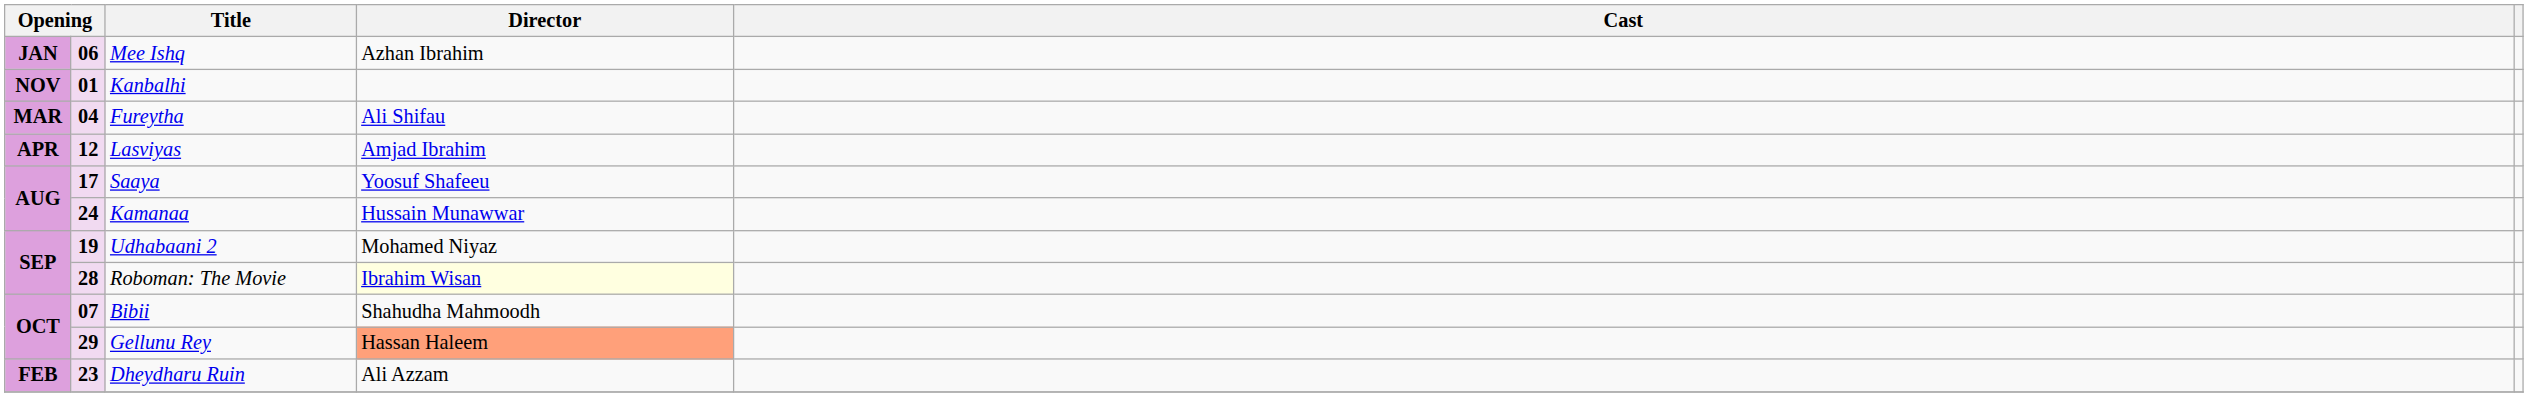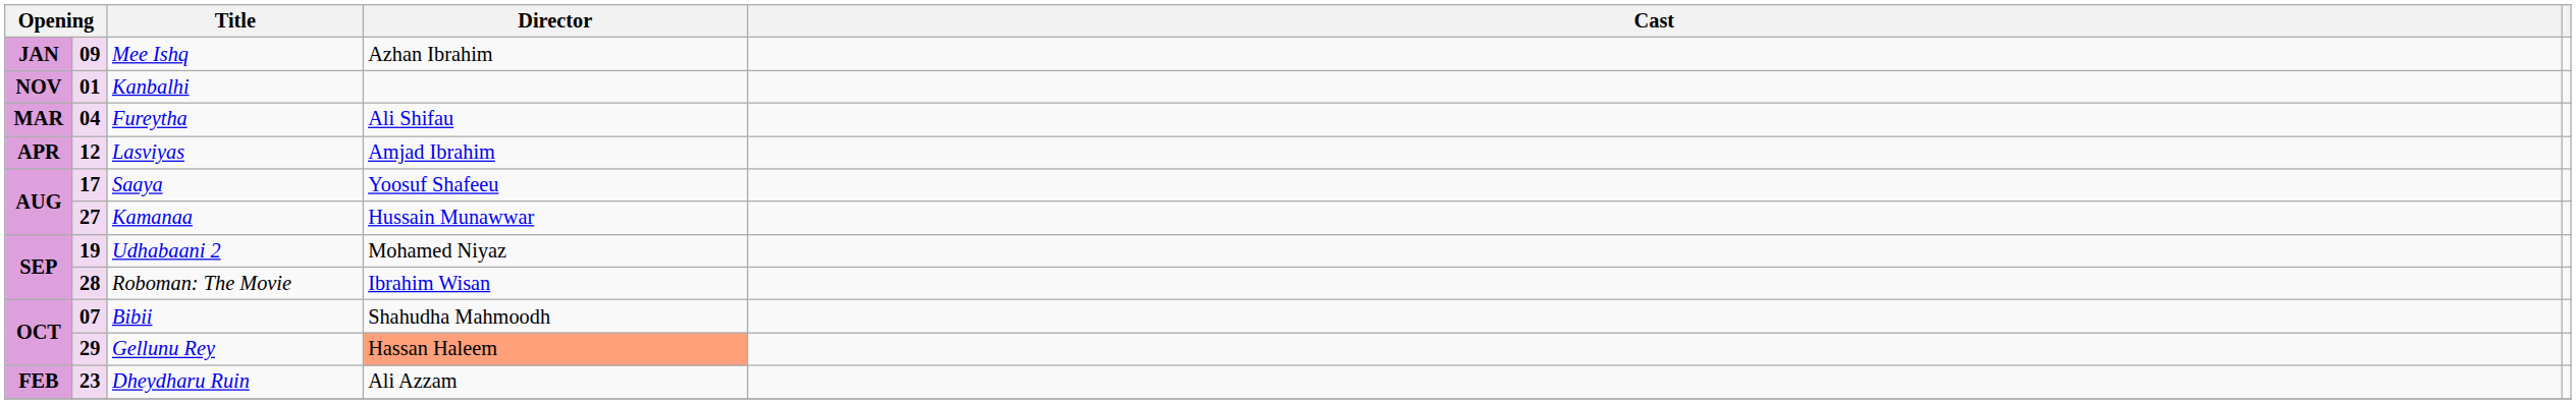 <table class="wikitable plainrowheaders" width="100%">
 <tr>
 <th scope="col" colspan="2" width="4%">Opening</th>
 <th scope="col" width="10%">Title</th>
 <th scope="col" width="15%">Director</th>
 <th scope="col" width="73%">Cast</th>
 <th scope="col" width="2%"></th>
 </tr>
 <tr>
 <td style="text-align:center; background:plum; textcolor:#000;"><strong>JAN</strong></td>
-<td style="text-align:center; background:#f1daf1;"><strong>06</strong></td>
+<td style="text-align:center; background:#f1daf1;"><strong>09</strong></td>
 <td><em><a href='#'>Mee Ishq</a></em></td>
 <td>Azhan Ibrahim</td>
 <td></td>
 <td style="text-align:center;"></td>
 </tr>
 <tr>
 <td style="text-align:center; background:plum; textcolor:#000;"><strong>NOV</strong></td>
 <td style="text-align:center; background:#f1daf1;"><strong>01</strong></td>
 <td><em><a href='#'>Kanbalhi</a></em></td>
 <td></td>
 <td></td>
 <td style="text-align:center;"></td>
 </tr>
 <tr>
 <td style="text-align:center; background:plum; textcolor:#000;"><strong>MAR</strong></td>
 <td style="text-align:center; background:#f1daf1;"><strong>04</strong></td>
 <td><em><a href='#'>Fureytha</a></em></td>
 <td><a href='#'>Ali Shifau</a></td>
 <td></td>
 <td style="text-align:center;"></td>
 </tr>
 <tr>
 <td style="text-align:center; background:plum; textcolor:#000;"><strong>APR</strong></td>
 <td style="text-align:center; background:#f1daf1;"><strong>12</strong></td>
 <td><em><a href='#'>Lasviyas</a></em></td>
 <td><a href='#'>Amjad Ibrahim</a></td>
 <td></td>
 <td style="text-align:center;"></td>
 </tr>
 <tr>
 <td style="text-align:center; background:plum; textcolor:#000;" rowspan="2"><strong>AUG</strong></td>
 <td style="text-align:center; background:#f1daf1;"><strong>17</strong></td>
 <td><em><a href='#'>Saaya</a></em></td>
 <td><a href='#'>Yoosuf Shafeeu</a></td>
 <td></td>
 <td style="text-align:center;"></td>
 </tr>
 <tr>
-<td style="text-align:center; background:#f1daf1;"><strong>24</strong></td>
+<td style="text-align:center; background:#f1daf1;"><strong>27</strong></td>
 <td><em><a href='#'>Kamanaa</a></em></td>
 <td><a href='#'>Hussain Munawwar</a></td>
 <td></td>
 <td style="text-align: center;"></td>
 </tr>
 <tr>
 <td style="text-align:center; background:plum; textcolor:#000;" rowspan="2"><strong>SEP</strong></td>
 <td style="text-align:center; background:#f1daf1;"><strong>19</strong></td>
 <td><em><a href='#'>Udhabaani 2</a></em></td>
 <td>Mohamed Niyaz</td>
 <td></td>
 <td style="text-align:center;"></td>
 </tr>
 <tr>
 <td style="text-align:center; background:#f1daf1;"><strong>28</strong></td>
 <td><em>Roboman: The Movie</em></td>
-<td style="background: lightyellow;"><a href='#'>Ibrahim Wisan</a></td>
+<td><a href='#'>Ibrahim Wisan</a></td>
 <td></td>
 <td style="text-align:center;"></td>
 </tr>
 <tr>
 <td style="text-align:center; background:plum; textcolor:#000;" rowspan="2"><strong>OCT</strong></td>
 <td style="text-align:center; background:#f1daf1;"><strong>07</strong></td>
 <td><em><a href='#'>Bibii</a></em></td>
 <td>Shahudha Mahmoodh</td>
 <td></td>
 <td style="text-align:center;"></td>
 </tr>
 <tr>
 <td style="text-align:center; background:#f1daf1;"><strong>29</strong></td>
 <td><em><a href='#'>Gellunu Rey</a></em></td>
 <td style="background: lightsalmon;">Hassan Haleem</td>
 <td></td>
 <td style="text-align:center;"></td>
 </tr>
 <tr>
 <td style="text-align:center; background:plum; textcolor:#000;"><strong>FEB</strong></td>
 <td style="text-align:center; background:#f1daf1;"><strong>23</strong></td>
 <td><em><a href='#'>Dheydharu Ruin</a></em></td>
 <td>Ali Azzam</td>
 <td></td>
 <td style="text-align:center;"></td>
 </tr>
 <tr>
 </tr>
 </table>
